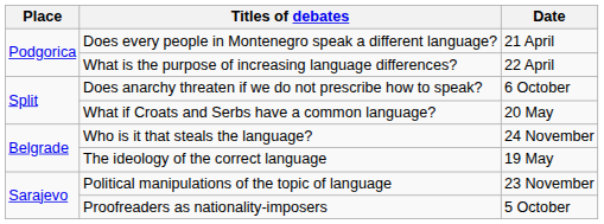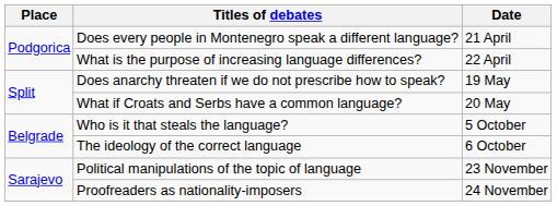 <table class="wikitable">
 <tr>
 <th>Place</th>
 <th>Titles of <a href='#'>debates</a></th>
 <th>Date</th>
 </tr>
 <tr>
 <td rowspan="2"><a href='#'>Podgorica</a></td>
 <td>Does every people in Montenegro speak a different language?</td>
 <td>21 April</td>
 </tr>
 <tr>
 <td>What is the purpose of increasing language differences?</td>
 <td>22 April</td>
 </tr>
 <tr>
 <td rowspan="2"><a href='#'>Split</a></td>
 <td>Does anarchy threaten if we do not prescribe how to speak?</td>
-<td>6 October</td>
+<td>19 May</td>
 </tr>
 <tr>
 <td>What if Croats and Serbs have a common language?</td>
 <td>20 May</td>
 </tr>
 <tr>
 <td rowspan="2"><a href='#'>Belgrade</a></td>
 <td>Who is it that steals the language?</td>
-<td>24 November</td>
+<td>5 October</td>
 </tr>
 <tr>
 <td>The ideology of the correct language</td>
-<td>19 May</td>
+<td>6 October</td>
 </tr>
 <tr>
 <td rowspan="2"><a href='#'>Sarajevo</a></td>
 <td>Political manipulations of the topic of language</td>
 <td>23 November</td>
 </tr>
 <tr>
 <td>Proofreaders as nationality-imposers</td>
-<td>5 October</td>
+<td>24 November</td>
 </tr>
 </table>
